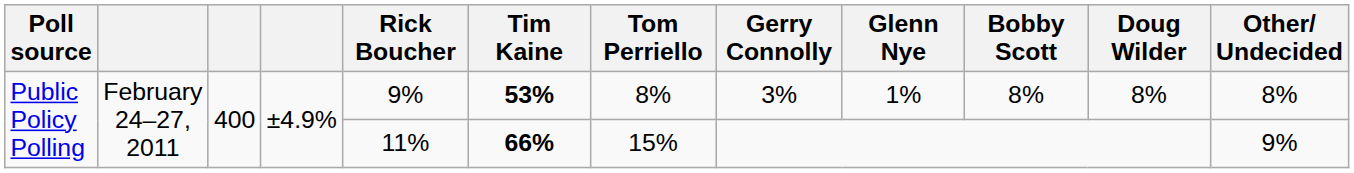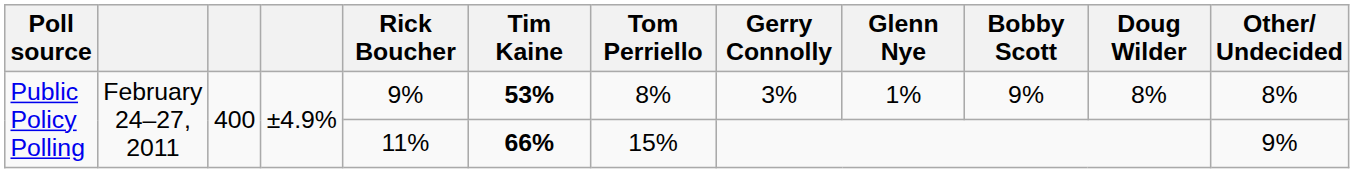 <table class="wikitable" style="text-align:center">
 <tr valign= bottom>
 <th>Poll source</th>
 <th></th>
 <th></th>
 <th></th>
 <th style="width:75px;">Rick<br>Boucher</th>
 <th style="width:75px;">Tim<br>Kaine</th>
 <th style="width:75px;">Tom<br>Perriello</th>
 <th style="width:75px;">Gerry<br>Connolly</th>
 <th style="width:75px;">Glenn<br>Nye</th>
 <th style="width:75px;">Bobby<br>Scott</th>
 <th style="width:75px;">Doug<br>Wilder</th>
 <th>Other/<br>Undecided</th>
 </tr>
 <tr>
 <td align=left rowspan=2><a href='#'>Public Policy Polling</a></td>
 <td rowspan=2>February 24–27, 2011</td>
 <td rowspan=2>400</td>
 <td rowspan=2>±4.9%</td>
 <td>9%</td>
 <td><strong>53%</strong></td>
 <td>8%</td>
 <td>3%</td>
 <td>1%</td>
-<td>8%</td>
+<td>9%</td>
 <td>8%</td>
 <td>8%</td>
 </tr>
 <tr>
 <td>11%</td>
 <td><strong>66%</strong></td>
 <td>15%</td>
 <td colspan=4></td>
 <td>9%</td>
 </tr>
 </table>
